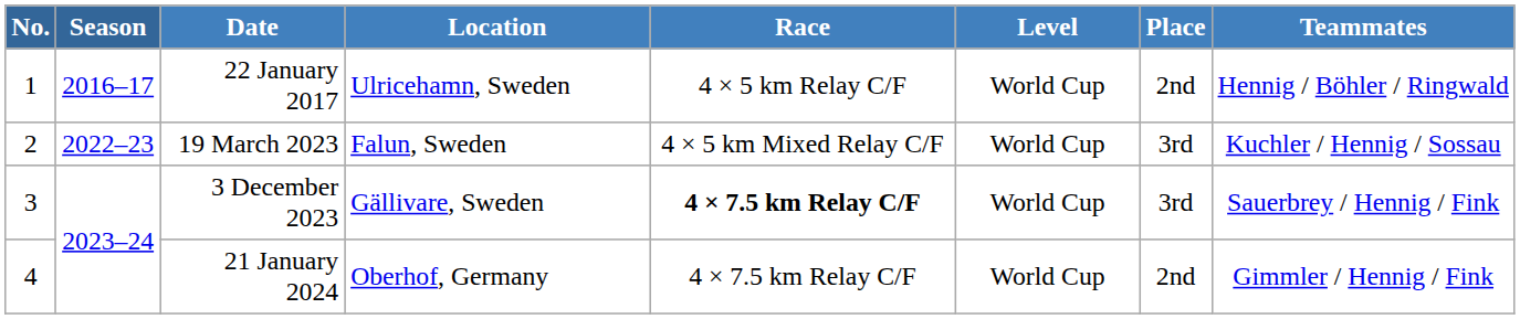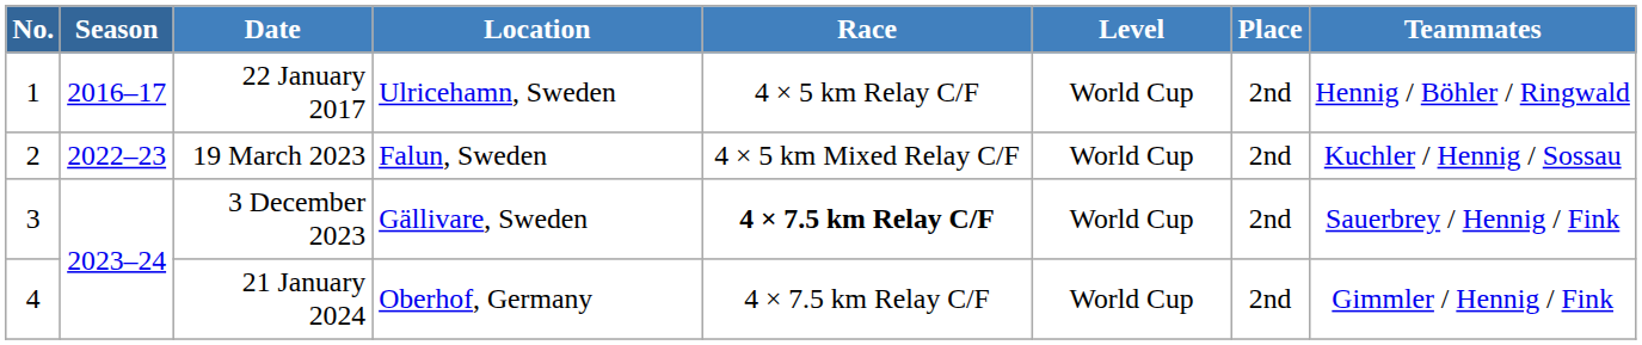 <table class="wikitable sortable" style="font-size:95%; text-align:center; border:grey solid 1px; border-collapse:collapse; background:#ffffff;">
 <tr style="background:#efefef;">
 <th style="background-color:#369; color:white;">No.</th>
 <th style="background-color:#369; color:white;">Season</th>
 <th style="background-color:#4180be; color:white; width:100px;">Date</th>
 <th style="background-color:#4180be; color:white; width:170px;">Location</th>
 <th style="background-color:#4180be; color:white; width:170px;">Race</th>
 <th style="background-color:#4180be; color:white; width:100px;">Level</th>
 <th style="background-color:#4180be; color:white;">Place</th>
 <th style="background-color:#4180be; color:white;">Teammates</th>
 </tr>
 <tr>
 <td align=center>1</td>
 <td align=center><a href='#'>2016–17</a></td>
 <td align=right>22 January 2017</td>
 <td align=left> <a href='#'>Ulricehamn</a>, Sweden</td>
 <td>4 × 5 km Relay C/F</td>
 <td>World Cup</td>
 <td>2nd</td>
 <td><a href='#'>Hennig</a> / <a href='#'>Böhler</a> / <a href='#'>Ringwald</a></td>
 </tr>
 <tr>
 <td align=center>2</td>
 <td align=center><a href='#'>2022–23</a></td>
 <td align=right>19 March 2023</td>
 <td align=left> <a href='#'>Falun</a>, Sweden</td>
 <td>4 × 5 km Mixed Relay C/F</td>
 <td>World Cup</td>
-<td>3rd</td>
+<td>2nd</td>
 <td><a href='#'>Kuchler</a> / <a href='#'>Hennig</a> / <a href='#'>Sossau</a></td>
 </tr>
 <tr>
 <td align=center>3</td>
 <td rowspan=2 align=center><a href='#'>2023–24</a></td>
 <td align=right>3 December 2023</td>
 <td align=left> <a href='#'>Gällivare</a>, Sweden</td>
 <td><strong>4  × 7.5 km Relay C/F</strong></td>
 <td>World Cup</td>
-<td>3rd</td>
+<td>2nd</td>
 <td><a href='#'>Sauerbrey</a> / <a href='#'>Hennig</a> / <a href='#'>Fink</a></td>
 </tr>
 <tr>
 <td align=center>4</td>
 <td align=right>21 January 2024</td>
 <td align=left> <a href='#'>Oberhof</a>, Germany</td>
 <td>4  × 7.5 km Relay C/F</td>
 <td>World Cup</td>
 <td>2nd</td>
 <td><a href='#'>Gimmler</a> / <a href='#'>Hennig</a> / <a href='#'>Fink</a></td>
 </tr>
 </table>
